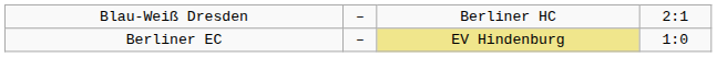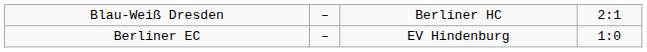 <table class="wikitable" width="50%">
 <tr align="center">
 <td>Blau-Weiß Dresden</td>
 <td>–</td>
 <td>Berliner HC</td>
 <td>2:1</td>
 </tr>
 <tr align="center">
 <td>Berliner EC</td>
 <td>–</td>
-<td style="background: khaki;">EV Hindenburg</td>
+<td>EV Hindenburg</td>
 <td>1:0</td>
 </tr>
 </table>
